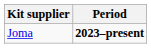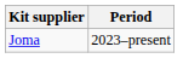 <table class="wikitable" style="text-align:left;">
 <tr>
 <th>Kit supplier</th>
 <th>Period</th>
 </tr>
 <tr>
 <td> <a href='#'>Joma</a></td>
-<td><strong>2023–present</strong></td>
+<td>2023–present</td>
 </tr>
 </table>
